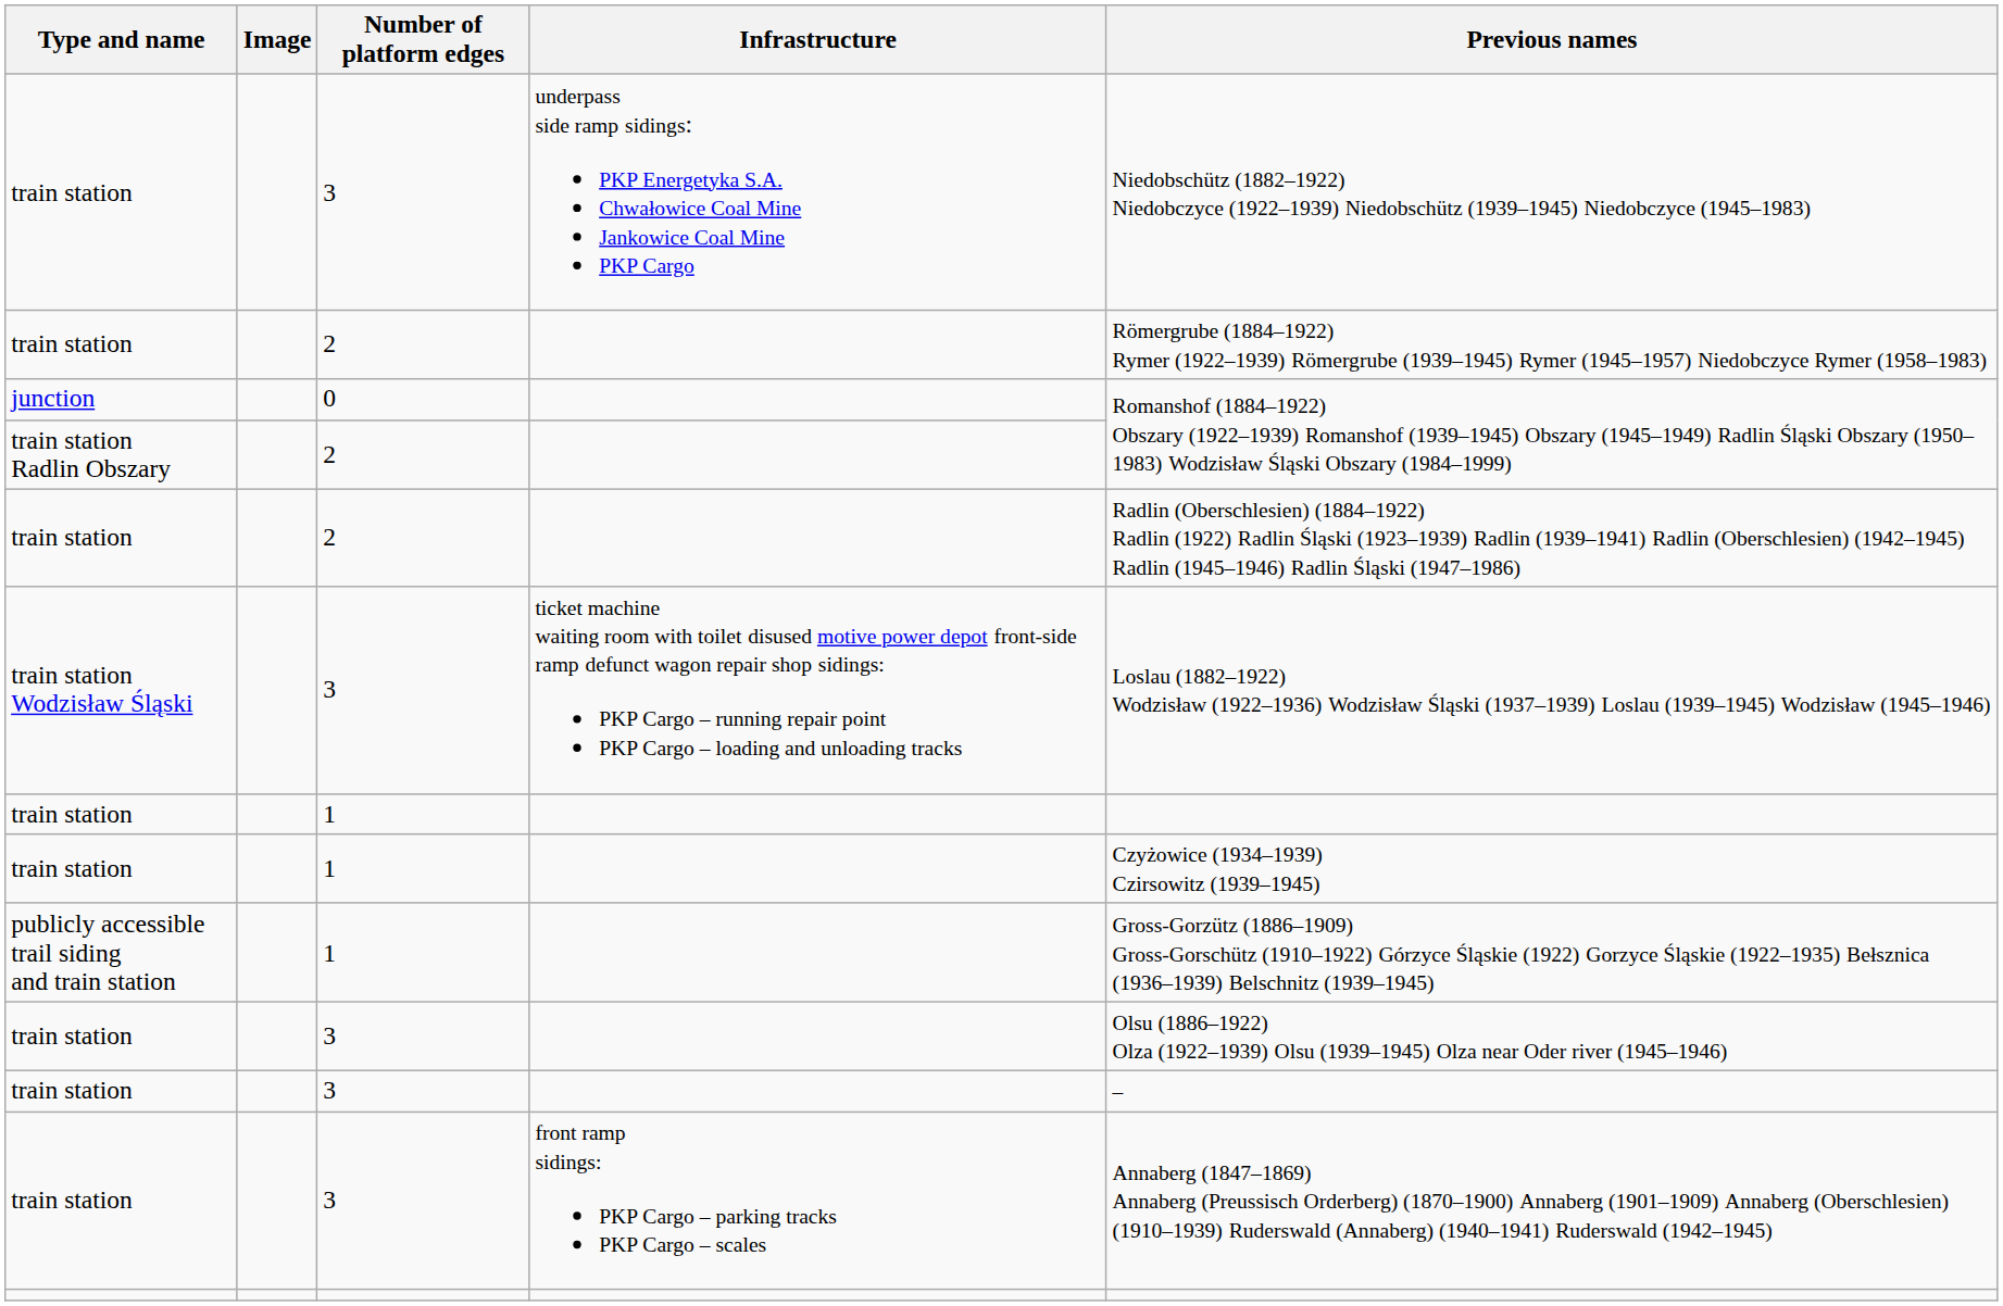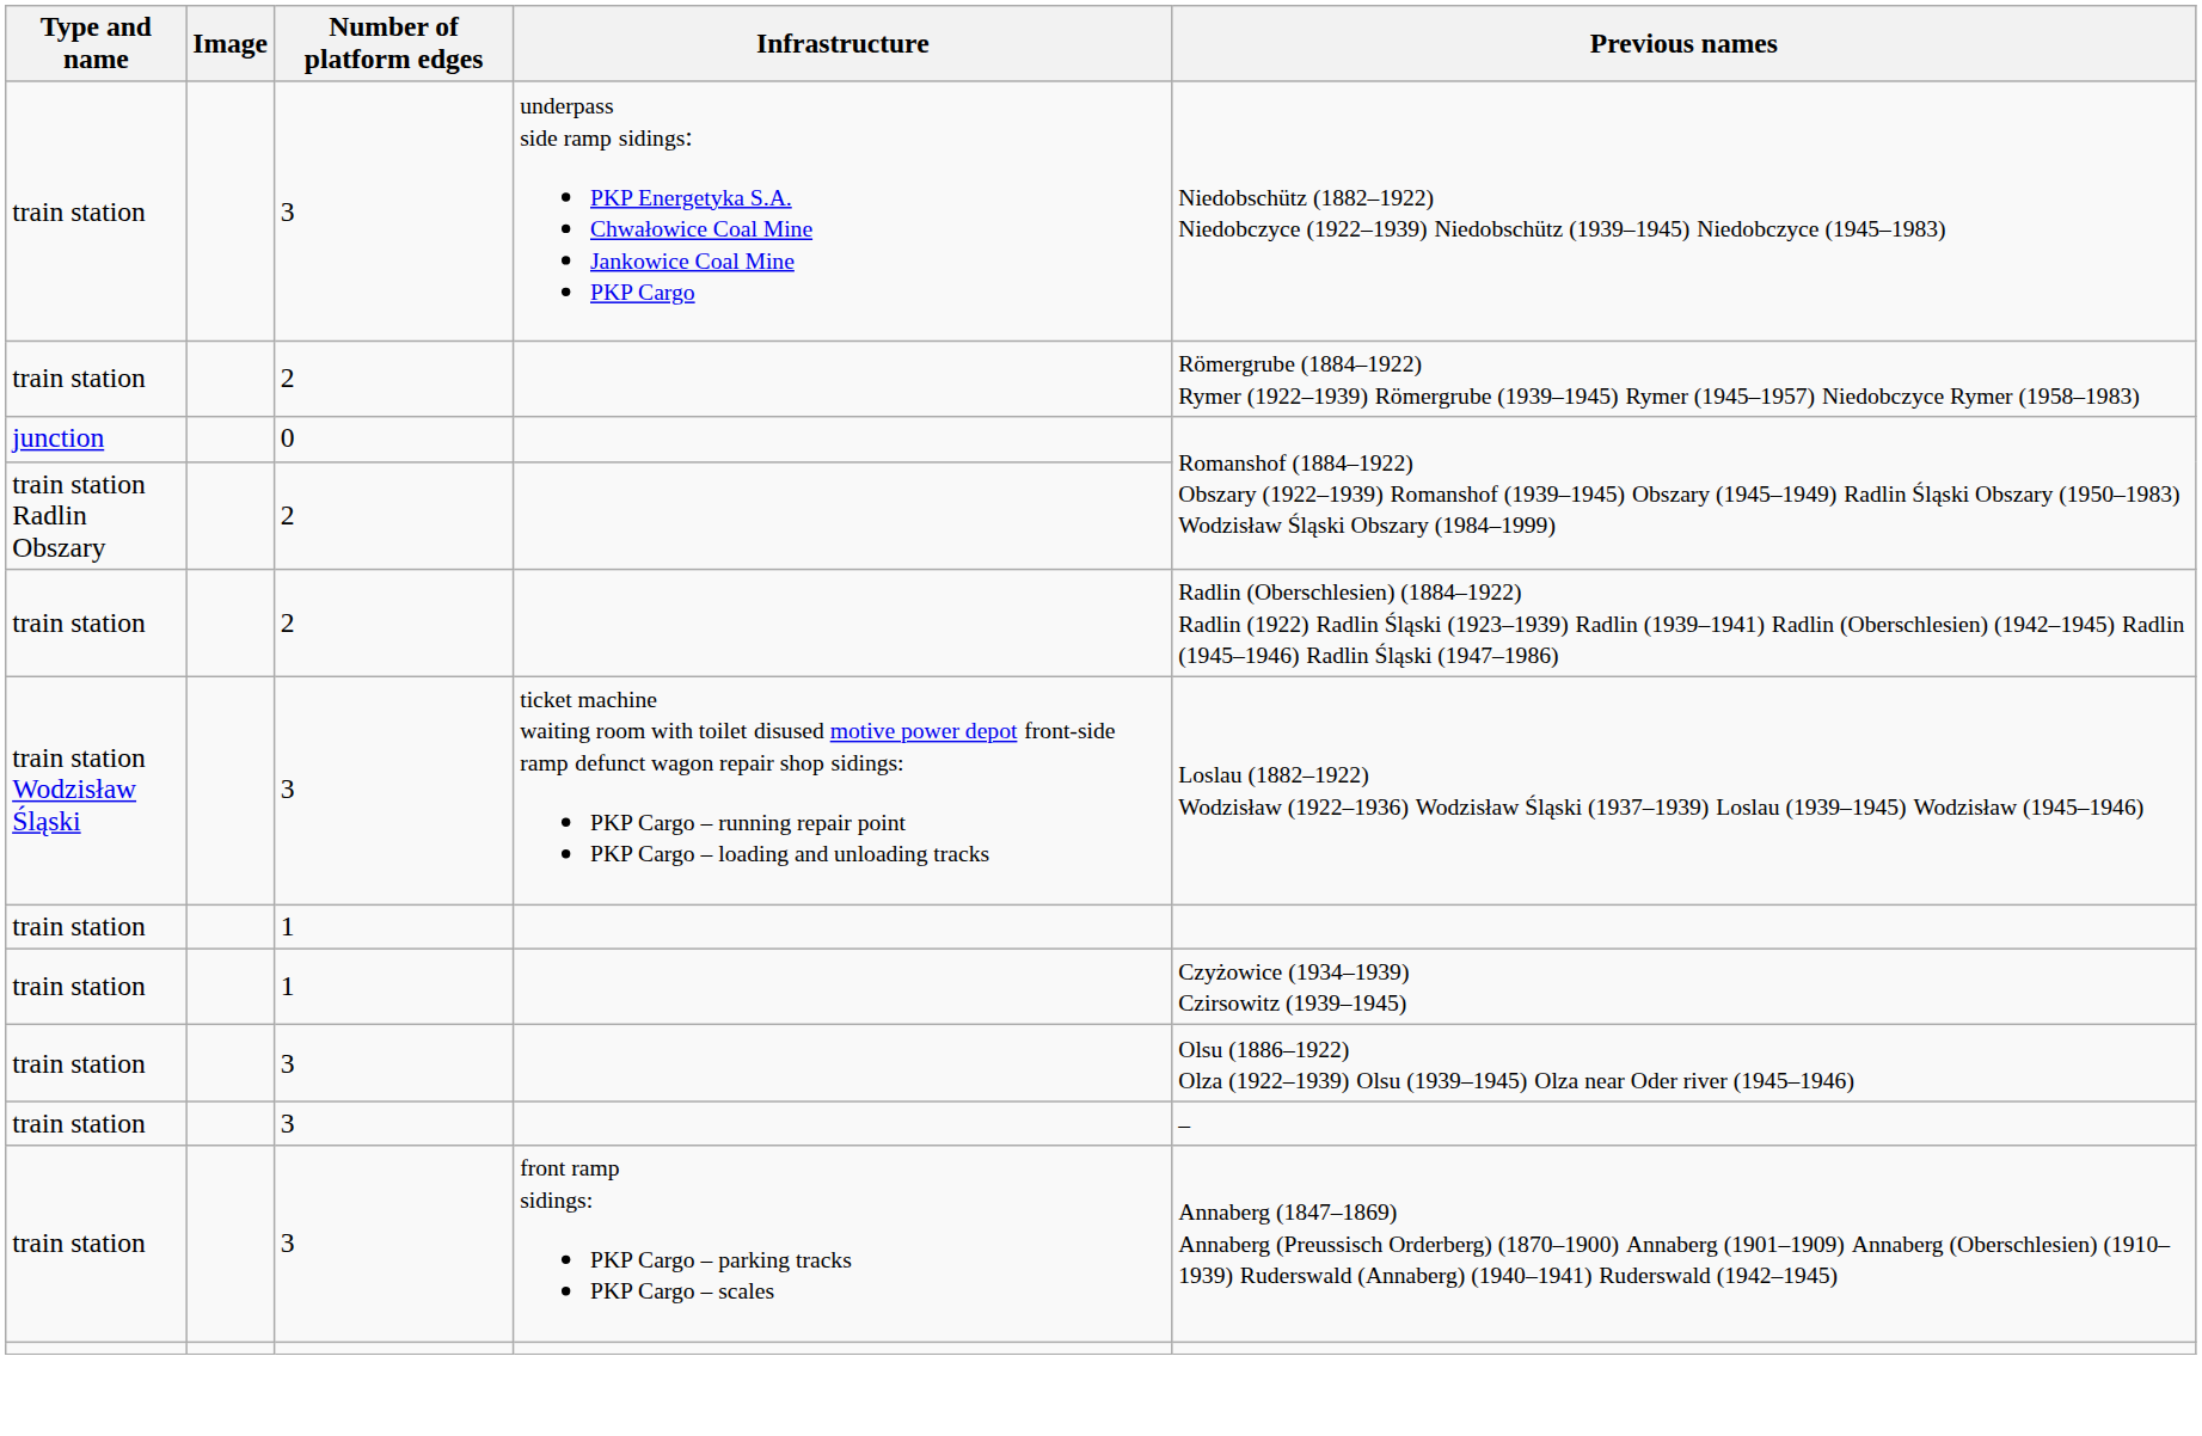 <table class="wikitable">
 <tr>
 <th>Type and name</th>
 <th>Image</th>
 <th>Number of platform edges</th>
 <th>Infrastructure</th>
 <th>Previous names</th>
 </tr>
 <tr>
 <td>train station<br></td>
 <td></td>
 <td>3</td>
 <td><small>underpass</small><br><small>side ramp</small> <small>sidings</small>:<ul><li><small><a href='#'>PKP Energetyka S.A.</a></small></li><li><small><a href='#'>Chwałowice Coal Mine</a></small></li><li><small><a href='#'>Jankowice Coal Mine</a></small></li><li><small><a href='#'>PKP Cargo</a></small></li></ul></td>
 <td><small>Niedobschütz (1882–1922)</small><br><small>Niedobczyce (1922–1939)</small> <small>Niedobschütz (1939–1945)</small> <small>Niedobczyce (1945–1983)</small></td>
 </tr>
 <tr>
 <td>train station<br></td>
 <td></td>
 <td>2</td>
 <td></td>
 <td><small>Römergrube (1884–1922)</small><br><small>Rymer (1922–1939)</small> <small>Römergrube (1939–1945)</small> <small>Rymer (1945–1957)</small> <small>Niedobczyce Rymer (1958–1983)</small></td>
 </tr>
 <tr>
 <td><a href='#'>junction</a><br></td>
 <td></td>
 <td>0</td>
 <td></td>
 <td rowspan="2"><small>Romanshof (1884–1922)</small><br><small>Obszary (1922–1939)</small> <small>Romanshof (1939–1945)</small> <small>Obszary (1945–1949)</small> <small>Radlin Śląski Obszary (1950–1983)</small> <small>Wodzisław Śląski Obszary (1984–1999)</small></td>
 </tr>
 <tr>
 <td>train station<br>Radlin Obszary</td>
 <td></td>
 <td>2</td>
 <td></td>
 </tr>
 <tr>
 <td>train station<br></td>
 <td></td>
 <td>2</td>
 <td></td>
 <td><small>Radlin (Oberschlesien) (1884–1922)</small><br><small>Radlin (1922)</small> <small>Radlin Śląski (1923–1939)</small> <small>Radlin (1939–1941)</small> <small>Radlin (Oberschlesien) (1942–1945)</small> <small>Radlin (1945–1946)</small> <small>Radlin Śląski (1947–1986)</small></td>
 </tr>
 <tr>
 <td>train station<br><a href='#'>Wodzisław Śląski</a></td>
 <td></td>
 <td>3</td>
 <td><small>ticket machine</small><br><small>waiting room with toilet</small> <small>disused <a href='#'>motive power depot</a></small> <small>front-side ramp</small> <small>defunct wagon repair shop</small> <small>sidings:</small><ul><li><small>PKP Cargo – running repair point</small></li><li><small>PKP Cargo – loading and unloading tracks</small></li></ul></td>
 <td><small>Loslau (1882–1922)</small><br><small>Wodzisław (1922–1936)</small> <small>Wodzisław Śląski (1937–1939)</small> <small>Loslau (1939–1945)</small> <small>Wodzisław (1945–1946)</small></td>
 </tr>
 <tr>
 <td>train station<br></td>
 <td></td>
 <td>1</td>
 <td></td>
 <td></td>
 </tr>
 <tr>
 <td>train station<br></td>
 <td></td>
 <td>1</td>
 <td></td>
 <td><small>Czyżowice (1934–1939)</small><br><small>Czirsowitz (1939–1945)</small></td>
 </tr>
 <tr>
-<td>publicly accessible trail siding<br>and train station </td>
-<td></td>
-<td>1</td>
-<td></td>
-<td><small>Gross-Gorzütz (1886–1909)</small><br><small>Gross-Gorschütz (1910–1922)</small> <small>Górzyce Śląskie (1922)</small> <small>Gorzyce Śląskie (1922–1935)</small> <small>Bełsznica (1936–1939)</small> <small>Belschnitz (1939–1945)</small></td>
-</tr>
-<tr>
 <td>train station<br></td>
 <td></td>
 <td>3</td>
 <td></td>
 <td><small>Olsu (1886–1922)</small><br><small>Olza (1922–1939)</small> <small>Olsu (1939–1945)</small> <small>Olza near Oder river (1945–1946)</small></td>
 </tr>
 <tr>
 <td>train station<br></td>
 <td></td>
 <td>3</td>
 <td></td>
 <td><small>–</small></td>
 </tr>
 <tr>
 <td>train station<br></td>
 <td></td>
 <td>3</td>
 <td><small>front ramp</small><br><small>sidings:</small><ul><li><small>PKP Cargo – parking tracks</small></li><li><small>PKP Cargo – scales</small></li></ul></td>
 <td><small>Annaberg (1847–1869)</small><br><small>Annaberg (Preussisch Orderberg) (1870–1900)</small> <small>Annaberg (1901–1909)</small> <small>Annaberg (Oberschlesien) (1910–1939)</small> <small>Ruderswald (Annaberg) (1940–1941)</small> <small>Ruderswald (1942–1945)</small></td>
 </tr>
 <tr>
 <td></td>
 <td></td>
 <td></td>
 <td></td>
 <td></td>
 </tr>
 </table>
